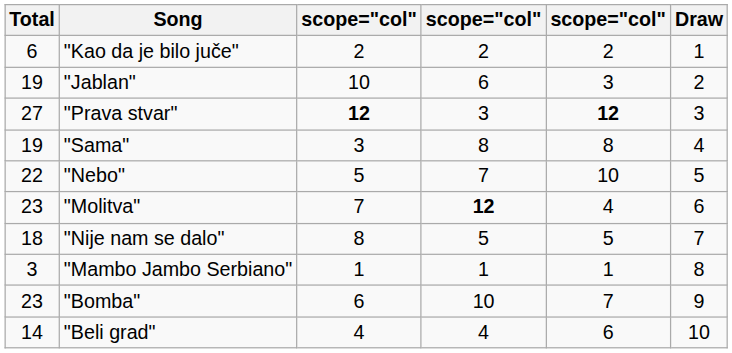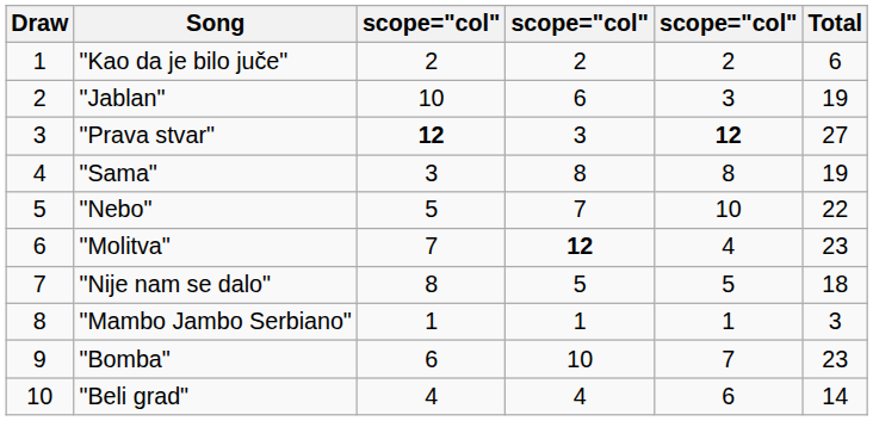 <table class="wikitable collapsible" style="margin: 1em auto 1em auto; text-align:center;">
 <tr>
-<th>Total</th>
+<th>Draw</th>
 <th>Song</th>
 <th>scope="col" </th>
 <th>scope="col" </th>
 <th>scope="col" </th>
-<th>Draw</th>
+<th>Total</th>
 </tr>
 <tr>
-<td>6</td>
+<td>1</td>
 <td align="left">"Kao da je bilo juče"</td>
 <td>2</td>
 <td>2</td>
 <td>2</td>
-<td>1</td>
+<td>6</td>
 </tr>
 <tr>
-<td>19</td>
+<td>2</td>
 <td align="left">"Jablan"</td>
 <td>10</td>
 <td>6</td>
 <td>3</td>
-<td>2</td>
+<td>19</td>
 </tr>
 <tr>
-<td>27</td>
+<td>3</td>
 <td align="left">"Prava stvar"</td>
 <td><strong>12</strong></td>
 <td>3</td>
 <td><strong>12</strong></td>
-<td>3</td>
+<td>27</td>
 </tr>
 <tr>
-<td>19</td>
+<td>4</td>
 <td align="left">"Sama"</td>
 <td>3</td>
 <td>8</td>
 <td>8</td>
-<td>4</td>
+<td>19</td>
 </tr>
 <tr>
-<td>22</td>
+<td>5</td>
 <td align="left">"Nebo"</td>
 <td>5</td>
 <td>7</td>
 <td>10</td>
-<td>5</td>
+<td>22</td>
 </tr>
 <tr>
-<td>23</td>
+<td>6</td>
 <td align="left">"Molitva"</td>
 <td>7</td>
 <td><strong>12</strong></td>
 <td>4</td>
-<td>6</td>
+<td>23</td>
 </tr>
 <tr>
-<td>18</td>
+<td>7</td>
 <td align="left">"Nije nam se dalo"</td>
 <td>8</td>
 <td>5</td>
 <td>5</td>
-<td>7</td>
+<td>18</td>
 </tr>
 <tr>
-<td>3</td>
+<td>8</td>
 <td align="left">"Mambo Jambo Serbiano"</td>
 <td>1</td>
 <td>1</td>
 <td>1</td>
-<td>8</td>
+<td>3</td>
 </tr>
 <tr>
-<td>23</td>
+<td>9</td>
 <td align="left">"Bomba"</td>
 <td>6</td>
 <td>10</td>
 <td>7</td>
-<td>9</td>
+<td>23</td>
 </tr>
 <tr>
-<td>14</td>
+<td>10</td>
 <td align="left">"Beli grad"</td>
 <td>4</td>
 <td>4</td>
 <td>6</td>
-<td>10</td>
+<td>14</td>
 </tr>
 </table>
